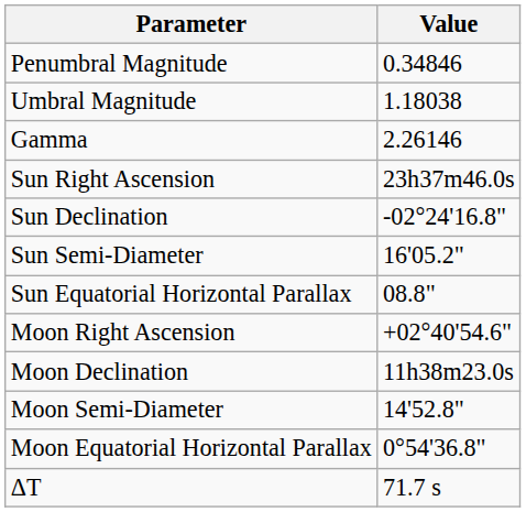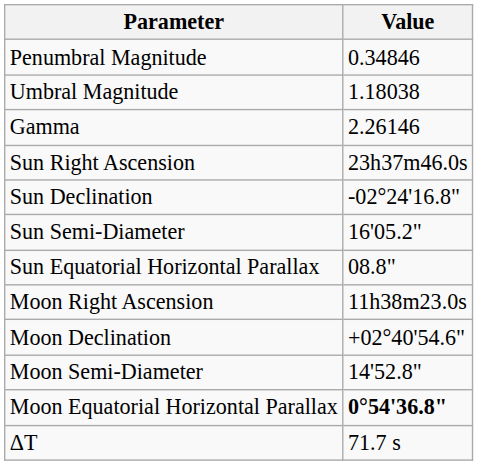 <table class="wikitable">
 <tr>
 <th>Parameter</th>
 <th>Value</th>
 </tr>
 <tr>
 <td>Penumbral Magnitude</td>
 <td>0.34846</td>
 </tr>
 <tr>
 <td>Umbral Magnitude</td>
 <td>1.18038</td>
 </tr>
 <tr>
 <td>Gamma</td>
 <td>2.26146</td>
 </tr>
 <tr>
 <td>Sun Right Ascension</td>
 <td>23h37m46.0s</td>
 </tr>
 <tr>
 <td>Sun Declination</td>
 <td>-02°24'16.8"</td>
 </tr>
 <tr>
 <td>Sun Semi-Diameter</td>
 <td>16'05.2"</td>
 </tr>
 <tr>
 <td>Sun Equatorial Horizontal Parallax</td>
 <td>08.8"</td>
 </tr>
 <tr>
 <td>Moon Right Ascension</td>
-<td>+02°40'54.6"</td>
+<td>11h38m23.0s</td>
 </tr>
 <tr>
 <td>Moon Declination</td>
-<td>11h38m23.0s</td>
+<td>+02°40'54.6"</td>
 </tr>
 <tr>
 <td>Moon Semi-Diameter</td>
 <td>14'52.8"</td>
 </tr>
 <tr>
 <td>Moon Equatorial Horizontal Parallax</td>
-<td>0°54'36.8"</td>
+<td><strong>0°54'36.8"</strong></td>
 </tr>
 <tr>
 <td>ΔT</td>
 <td>71.7 s</td>
 </tr>
 </table>
